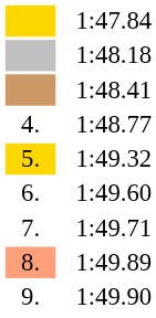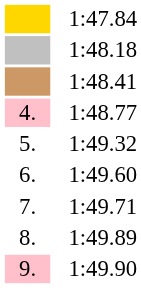 <table style="text-align:center">
 <tr>
 <td width=30 bgcolor=gold></td>
 <td align=left></td>
 <td width=60>1:47.84</td>
 </tr>
 <tr>
 <td bgcolor=silver></td>
 <td align=left></td>
 <td>1:48.18</td>
 </tr>
 <tr>
 <td bgcolor=cc9966></td>
 <td align=left></td>
 <td>1:48.41</td>
 </tr>
 <tr>
-<td>4.</td>
+<td style="background: pink;">4.</td>
 <td align=left></td>
 <td>1:48.77</td>
 </tr>
 <tr>
-<td style="background: gold;">5.</td>
+<td>5.</td>
 <td align=left></td>
 <td>1:49.32</td>
 </tr>
 <tr>
 <td>6.</td>
 <td align=left></td>
 <td>1:49.60</td>
 </tr>
 <tr>
 <td>7.</td>
 <td align=left></td>
 <td>1:49.71</td>
 </tr>
 <tr>
-<td style="background: lightsalmon;">8.</td>
+<td>8.</td>
 <td align=left></td>
 <td>1:49.89</td>
 </tr>
 <tr>
-<td>9.</td>
+<td style="background: pink;">9.</td>
 <td align=left></td>
 <td>1:49.90</td>
 </tr>
 </table>
